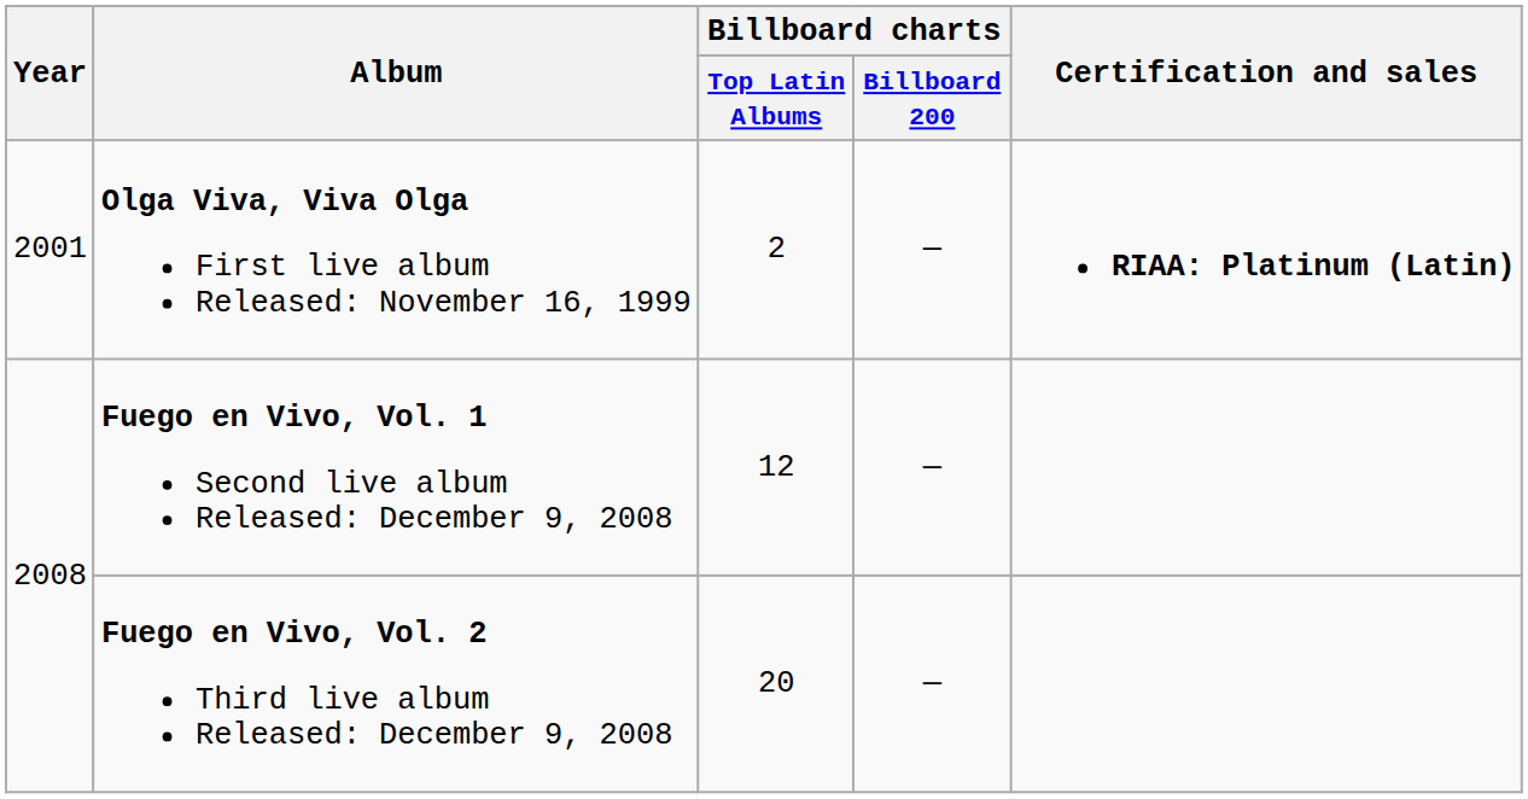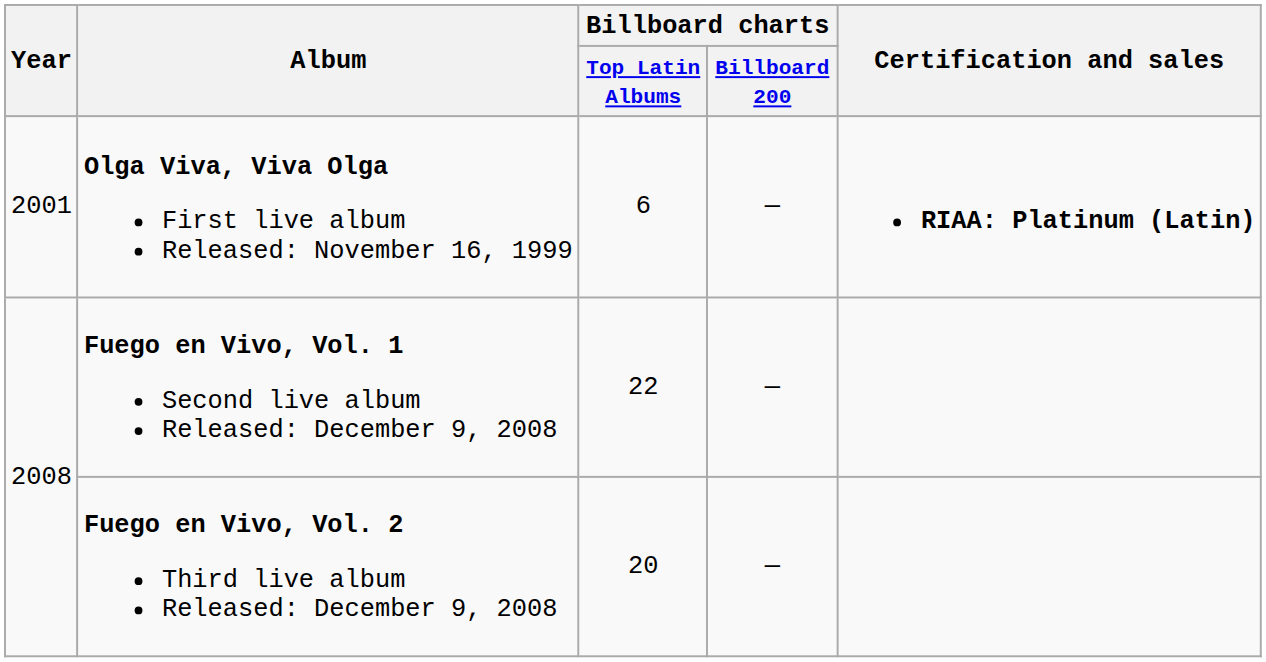 <table class="wikitable">
 <tr>
 <th rowspan="2">Year</th>
 <th rowspan="2">Album</th>
 <th colspan="2">Billboard charts</th>
 <th rowspan="2">Certification and sales</th>
 </tr>
 <tr>
 <th width="60"><small><a href='#'>Top Latin Albums</a></small></th>
 <th width="60"><small><a href='#'>Billboard 200</a></small></th>
 </tr>
 <tr>
 <td>2001</td>
 <td><br><strong>Olga Viva, Viva Olga</strong><ul><li>First live album</li><li>Released: November 16, 1999</li></ul></td>
-<td style="text-align:center;">2</td>
+<td style="text-align:center;">6</td>
 <td style="text-align:center;">—</td>
 <td align="left"><strong><br><ul><li>RIAA: Platinum (Latin)</li></ul></strong></td>
 </tr>
 <tr>
 <td rowspan="2">2008</td>
 <td><br><strong>Fuego en Vivo, Vol. 1</strong><ul><li>Second live album</li><li>Released: December 9, 2008</li></ul></td>
-<td style="text-align:center;">12</td>
+<td style="text-align:center;">22</td>
 <td style="text-align:center;">—</td>
 <td align="left"></td>
 </tr>
 <tr>
 <td><br><strong>Fuego en Vivo, Vol. 2</strong><ul><li>Third live album</li><li>Released: December 9, 2008</li></ul></td>
 <td style="text-align:center;">20</td>
 <td style="text-align:center;">—</td>
 <td align="left"></td>
 </tr>
 </table>
